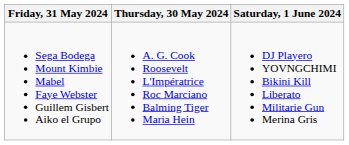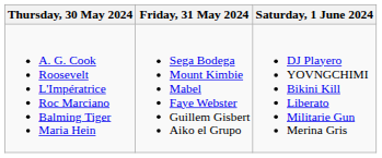 <table class="wikitable">
 <tr>
+<th>Thursday, 30 May 2024</th>
 <th>Friday, 31 May 2024</th>
-<th>Thursday, 30 May 2024</th>
 <th>Saturday, 1 June 2024</th>
 </tr>
 <tr>
+<td><br><ul><li><a href='#'>A. G. Cook</a></li><li><a href='#'>Roosevelt</a></li><li><a href='#'>L'Impératrice</a></li><li><a href='#'>Roc Marciano</a></li><li><a href='#'>Balming Tiger</a></li><li><a href='#'>Maria Hein</a></li></ul></td>
 <td><br><ul><li><a href='#'>Sega Bodega</a></li><li><a href='#'>Mount Kimbie</a></li><li><a href='#'>Mabel</a></li><li><a href='#'>Faye Webster</a></li><li>Guillem Gisbert</li><li>Aiko el Grupo</li></ul></td>
-<td><br><ul><li><a href='#'>A. G. Cook</a></li><li><a href='#'>Roosevelt</a></li><li><a href='#'>L'Impératrice</a></li><li><a href='#'>Roc Marciano</a></li><li><a href='#'>Balming Tiger</a></li><li><a href='#'>Maria Hein</a></li></ul></td>
 <td><br><ul><li><a href='#'>DJ Playero</a></li><li>YOVNGCHIMI</li><li><a href='#'>Bikini Kill</a></li><li><a href='#'>Liberato</a></li><li><a href='#'>Militarie Gun</a></li><li>Merina Gris</li></ul></td>
 </tr>
 </table>
